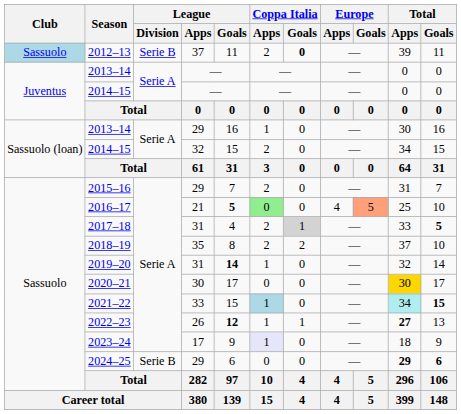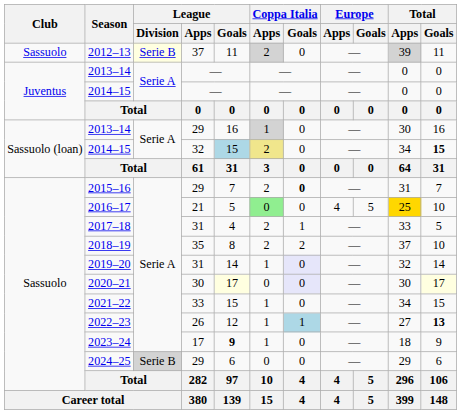 <table class="wikitable" style="text-align:center">
 <tr>
 <th rowspan="2">Club</th>
 <th rowspan="2">Season</th>
 <th colspan="3">League</th>
 <th colspan="2"><a href='#'>Coppa Italia</a></th>
 <th colspan="2"><a href='#'>Europe</a></th>
 <th colspan="2">Total</th>
 </tr>
 <tr>
 <th>Division</th>
 <th>Apps</th>
 <th>Goals</th>
 <th>Apps</th>
 <th>Goals</th>
 <th>Apps</th>
 <th>Goals</th>
 <th>Apps</th>
 <th>Goals</th>
 </tr>
 <tr>
-<td style="background: lightblue;"><a href='#'>Sassuolo</a></td>
+<td><a href='#'>Sassuolo</a></td>
 <td><a href='#'>2012–13</a></td>
-<td><a href='#'>Serie B</a></td>
+<td style="background: lightyellow;"><a href='#'>Serie B</a></td>
 <td>37</td>
 <td>11</td>
-<td>2</td>
-<td><strong>0</strong></td>
+<td style="background: lightgrey;">2</td>
+<td>0</td>
 <td colspan="2">—</td>
-<td>39</td>
+<td style="background: lightgrey;">39</td>
 <td>11</td>
 </tr>
 <tr>
 <td rowspan="3"><a href='#'>Juventus</a></td>
 <td><a href='#'>2013–14</a></td>
 <td rowspan="2"><a href='#'>Serie A</a></td>
 <td colspan="2">—</td>
 <td colspan="2">—</td>
 <td colspan="2">—</td>
 <td>0</td>
 <td>0</td>
 </tr>
 <tr>
 <td><a href='#'>2014–15</a></td>
 <td colspan="2">—</td>
 <td colspan="2">—</td>
 <td colspan="2">—</td>
 <td>0</td>
 <td>0</td>
 </tr>
 <tr>
 <th colspan="2">Total</th>
 <th>0</th>
 <th>0</th>
 <th>0</th>
 <th>0</th>
 <th>0</th>
 <th>0</th>
 <th>0</th>
 <th>0</th>
 </tr>
 <tr>
 <td rowspan="3">Sassuolo (loan)</td>
 <td><a href='#'>2013–14</a></td>
 <td rowspan="2">Serie A</td>
 <td>29</td>
 <td>16</td>
-<td>1</td>
+<td style="background: lightgrey;">1</td>
 <td>0</td>
 <td colspan="2">—</td>
 <td>30</td>
 <td>16</td>
 </tr>
 <tr>
 <td><a href='#'>2014–15</a></td>
 <td>32</td>
-<td>15</td>
-<td>2</td>
+<td style="background: lightblue;">15</td>
+<td style="background: khaki;">2</td>
 <td>0</td>
 <td colspan="2">—</td>
 <td>34</td>
-<td>15</td>
+<td><strong>15</strong></td>
 </tr>
 <tr>
 <th colspan="2">Total</th>
 <th>61</th>
 <th>31</th>
 <th>3</th>
 <th>0</th>
 <th>0</th>
 <th>0</th>
 <th>64</th>
 <th>31</th>
 </tr>
 <tr>
 <td rowspan="11">Sassuolo</td>
 <td><a href='#'>2015–16</a></td>
 <td rowspan="9">Serie A</td>
 <td>29</td>
 <td>7</td>
 <td>2</td>
-<td>0</td>
+<td><strong>0</strong></td>
 <td colspan="2">—</td>
 <td>31</td>
 <td>7</td>
 </tr>
 <tr>
 <td><a href='#'>2016–17</a></td>
 <td>21</td>
-<td><strong>5</strong></td>
+<td>5</td>
 <td style="background: lightgreen;">0</td>
 <td>0</td>
 <td>4</td>
-<td style="background: lightsalmon;">5</td>
-<td>25</td>
+<td>5</td>
+<td style="background: gold;">25</td>
 <td>10</td>
 </tr>
 <tr>
 <td><a href='#'>2017–18</a></td>
 <td>31</td>
 <td>4</td>
 <td>2</td>
-<td style="background: lightgrey;">1</td>
+<td>1</td>
 <td colspan="2">—</td>
 <td>33</td>
-<td><strong>5</strong></td>
+<td>5</td>
 </tr>
 <tr>
 <td><a href='#'>2018–19</a></td>
 <td>35</td>
 <td>8</td>
 <td>2</td>
 <td>2</td>
 <td colspan="2">—</td>
 <td>37</td>
 <td>10</td>
 </tr>
 <tr>
 <td><a href='#'>2019–20</a></td>
 <td>31</td>
-<td><strong>14</strong></td>
+<td>14</td>
 <td>1</td>
-<td>0</td>
+<td style="background: lavender;">0</td>
 <td colspan="2">—</td>
 <td>32</td>
 <td>14</td>
 </tr>
 <tr>
 <td><a href='#'>2020–21</a></td>
 <td>30</td>
-<td>17</td>
+<td style="background: lightyellow;">17</td>
 <td>0</td>
-<td>0</td>
+<td style="background: lavender;">0</td>
 <td colspan="2">—</td>
-<td style="background: gold;">30</td>
-<td>17</td>
+<td>30</td>
+<td style="background: lightyellow;">17</td>
 </tr>
 <tr>
 <td><a href='#'>2021–22</a></td>
 <td>33</td>
 <td>15</td>
-<td style="background: lightblue;">1</td>
+<td>1</td>
 <td>0</td>
 <td colspan="2">—</td>
-<td style="background: paleturquoise;">34</td>
-<td><strong>15</strong></td>
+<td>34</td>
+<td>15</td>
 </tr>
 <tr>
 <td><a href='#'>2022–23</a></td>
 <td>26</td>
-<td><strong>12</strong></td>
+<td>12</td>
 <td>1</td>
-<td>1</td>
+<td style="background: lightblue;">1</td>
 <td colspan="2">—</td>
-<td><strong>27</strong></td>
-<td>13</td>
+<td>27</td>
+<td><strong>13</strong></td>
 </tr>
 <tr>
 <td><a href='#'>2023–24</a></td>
 <td>17</td>
-<td>9</td>
-<td style="background: lavender;">1</td>
+<td><strong>9</strong></td>
+<td>1</td>
 <td>0</td>
 <td colspan="2">—</td>
 <td>18</td>
 <td>9</td>
 </tr>
 <tr>
 <td><a href='#'>2024–25</a></td>
-<td>Serie B</td>
+<td style="background: lightgrey;">Serie B</td>
 <td>29</td>
 <td>6</td>
 <td>0</td>
 <td>0</td>
 <td colspan="2">—</td>
-<td><strong>29</strong></td>
-<td><strong>6</strong></td>
+<td>29</td>
+<td>6</td>
 </tr>
 <tr>
 <th colspan="2">Total</th>
 <th>282</th>
 <th>97</th>
 <th>10</th>
 <th>4</th>
 <th>4</th>
 <th>5</th>
 <th>296</th>
 <th>106</th>
 </tr>
 <tr>
 <th colspan="3">Career total</th>
 <th>380</th>
 <th>139</th>
 <th>15</th>
 <th>4</th>
 <th>4</th>
 <th>5</th>
 <th>399</th>
 <th>148</th>
 </tr>
 </table>
